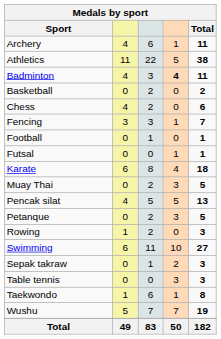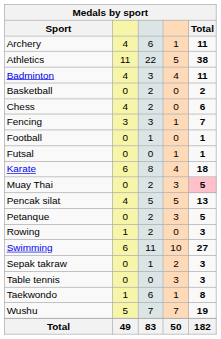 <table class="wikitable sortable" style="font-size:90%; text-align:center;">
 <tr>
 <th colspan=5>Medals by sport</th>
 </tr>
 <tr>
 <th width=150>Sport</th>
 <th scope="col" width=30 style="background:#F7F6A8;"></th>
 <th scope="col" width=30 style="background:#DCE5E5;"></th>
 <th scope="col" width=30 style="background:#FFDAB9;"></th>
 <th width=30>Total</th>
 </tr>
 <tr>
 <td align=left>Archery</td>
 <td style="background:#F7F6A8;">4</td>
 <td style="background:#DCE5E5;">6</td>
 <td style="background:#FFDAB9;">1</td>
 <td><strong>11</strong></td>
 </tr>
 <tr>
 <td align=left>Athletics</td>
 <td style="background:#F7F6A8;">11</td>
 <td style="background:#DCE5E5;">22</td>
 <td style="background:#FFDAB9;">5</td>
 <td><strong>38</strong></td>
 </tr>
 <tr>
 <td align=left><a href='#'>Badminton</a></td>
 <td style="background:#F7F6A8;">4</td>
 <td style="background:#DCE5E5;">3</td>
-<td style="background:#FFDAB9;"><strong>4</strong></td>
+<td style="background:#FFDAB9;">4</td>
 <td><strong>11</strong></td>
 </tr>
 <tr>
 <td align=left>Basketball</td>
 <td style="background:#F7F6A8;">0</td>
 <td style="background:#DCE5E5;">2</td>
 <td style="background:#FFDAB9;">0</td>
 <td><strong>2</strong></td>
 </tr>
 <tr>
 <td align=left>Chess</td>
 <td style="background:#F7F6A8;">4</td>
 <td style="background:#DCE5E5;">2</td>
 <td style="background:#FFDAB9;">0</td>
 <td><strong>6</strong></td>
 </tr>
 <tr>
 <td align=left>Fencing</td>
 <td style="background:#F7F6A8;">3</td>
 <td style="background:#DCE5E5;">3</td>
 <td style="background:#FFDAB9;">1</td>
 <td><strong>7</strong></td>
 </tr>
 <tr>
 <td align=left>Football</td>
 <td style="background:#F7F6A8;">0</td>
 <td style="background:#DCE5E5;">1</td>
 <td style="background:#FFDAB9;">0</td>
 <td><strong>1</strong></td>
 </tr>
 <tr>
 <td align=left>Futsal</td>
 <td style="background:#F7F6A8;">0</td>
 <td style="background:#DCE5E5;">0</td>
 <td style="background:#FFDAB9;">1</td>
 <td><strong>1</strong></td>
 </tr>
 <tr>
 <td align=left><a href='#'>Karate</a></td>
 <td style="background:#F7F6A8;">6</td>
 <td style="background:#DCE5E5;">8</td>
 <td style="background:#FFDAB9;">4</td>
 <td><strong>18</strong></td>
 </tr>
 <tr>
 <td align=left>Muay Thai</td>
 <td style="background:#F7F6A8;">0</td>
 <td style="background:#DCE5E5;">2</td>
 <td style="background:#FFDAB9;">3</td>
-<td><strong>5</strong></td>
+<td style="background: pink;"><strong>5</strong></td>
 </tr>
 <tr>
 <td align=left>Pencak silat</td>
 <td style="background:#F7F6A8;">4</td>
 <td style="background:#DCE5E5;">5</td>
 <td style="background:#FFDAB9;">5</td>
 <td><strong>13</strong></td>
 </tr>
 <tr>
 <td align=left>Petanque</td>
 <td style="background:#F7F6A8;">0</td>
 <td style="background:#DCE5E5;">2</td>
 <td style="background:#FFDAB9;">3</td>
 <td><strong>5</strong></td>
 </tr>
 <tr>
 <td align=left>Rowing</td>
 <td style="background:#F7F6A8;">1</td>
 <td style="background:#DCE5E5;">2</td>
 <td style="background:#FFDAB9;">0</td>
 <td><strong>3</strong></td>
 </tr>
 <tr>
 <td align=left><a href='#'>Swimming</a></td>
 <td style="background:#F7F6A8;">6</td>
 <td style="background:#DCE5E5;">11</td>
 <td style="background:#FFDAB9;">10</td>
 <td><strong>27</strong></td>
 </tr>
 <tr>
 <td align=left>Sepak takraw</td>
 <td style="background:#F7F6A8;">0</td>
 <td style="background:#DCE5E5;">1</td>
 <td style="background:#FFDAB9;">2</td>
 <td><strong>3</strong></td>
 </tr>
 <tr>
 <td align=left>Table tennis</td>
 <td style="background:#F7F6A8;">0</td>
 <td style="background:#DCE5E5;">0</td>
 <td style="background:#FFDAB9;">3</td>
 <td><strong>3</strong></td>
 </tr>
 <tr>
 <td align=left>Taekwondo</td>
 <td style="background:#F7F6A8;">1</td>
 <td style="background:#DCE5E5;">6</td>
 <td style="background:#FFDAB9;">1</td>
 <td><strong>8</strong></td>
 </tr>
 <tr>
 <td align=left>Wushu</td>
 <td style="background:#F7F6A8;">5</td>
 <td style="background:#DCE5E5;">7</td>
 <td style="background:#FFDAB9;">7</td>
 <td><strong>19</strong></td>
 </tr>
 <tr>
 </tr>
 <tr class="sortbottom">
 <th>Total</th>
 <th>49</th>
 <th>83</th>
 <th>50</th>
 <th>182</th>
 </tr>
 </table>
